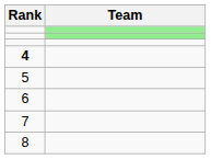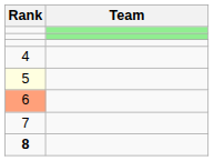 <table class="wikitable" style="text-align: center;">
 <tr>
 <th width=40>Rank</th>
 <th width=180>Team</th>
 </tr>
 <tr>
 <td></td>
 <td bgcolor=lightgreen align=left></td>
 </tr>
 <tr>
 <td></td>
 <td bgcolor=lightgreen align=left></td>
 </tr>
 <tr>
 <td></td>
 <td align=left></td>
 </tr>
 <tr>
-<td><strong>4</strong></td>
+<td>4</td>
 <td align=left></td>
 </tr>
 <tr>
-<td>5</td>
+<td style="background: lightyellow;">5</td>
 <td align=left></td>
 </tr>
 <tr>
-<td>6</td>
+<td style="background: lightsalmon;">6</td>
 <td align=left></td>
 </tr>
 <tr>
 <td>7</td>
 <td align=left></td>
 </tr>
 <tr>
-<td>8</td>
+<td><strong>8</strong></td>
 <td align=left></td>
 </tr>
 </table>
